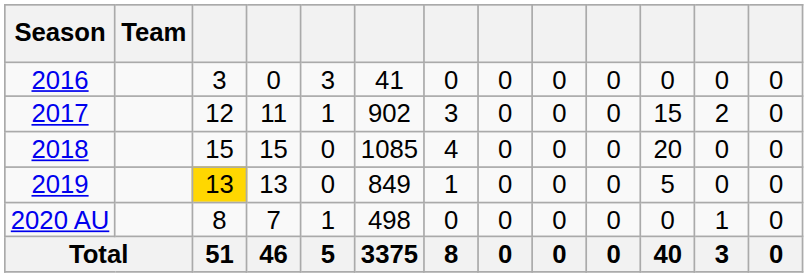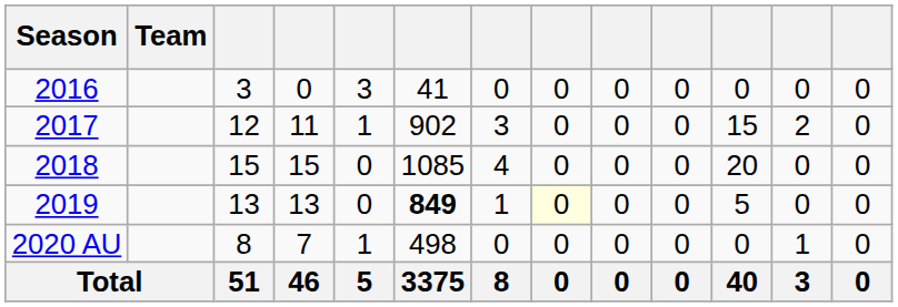 <table class="wikitable" style="text-align:center; line-height:90%; font-size:95%;">
 <tr style="line-height:175%;">
 <th>Season</th>
 <th>Team</th>
 <th style="width:25px;"></th>
 <th style="width:25px;"></th>
 <th style="width:25px;"></th>
 <th style="width:25px;"></th>
 <th style="width:25px;"></th>
 <th style="width:25px;"></th>
 <th style="width:25px;"></th>
 <th style="width:25px;"></th>
 <th style="width:25px;"></th>
 <th style="width:25px;"></th>
 <th style="width:25px;"></th>
 </tr>
 <tr>
 <td><a href='#'>2016</a></td>
 <td></td>
 <td>3</td>
 <td>0</td>
 <td>3</td>
 <td>41</td>
 <td>0</td>
 <td>0</td>
 <td>0</td>
 <td>0</td>
 <td>0</td>
 <td>0</td>
 <td>0</td>
 </tr>
 <tr>
 <td><a href='#'>2017</a></td>
 <td></td>
 <td>12</td>
 <td>11</td>
 <td>1</td>
 <td>902</td>
 <td>3</td>
 <td>0</td>
 <td>0</td>
 <td>0</td>
 <td>15</td>
 <td>2</td>
 <td>0</td>
 </tr>
 <tr>
 <td><a href='#'>2018</a></td>
 <td></td>
 <td>15</td>
 <td>15</td>
 <td>0</td>
 <td>1085</td>
 <td>4</td>
 <td>0</td>
 <td>0</td>
 <td>0</td>
 <td>20</td>
 <td>0</td>
 <td>0</td>
 </tr>
 <tr>
 <td><a href='#'>2019</a></td>
 <td></td>
-<td style="background: gold;">13</td>
+<td>13</td>
 <td>13</td>
 <td>0</td>
-<td>849</td>
+<td><strong>849</strong></td>
 <td>1</td>
-<td>0</td>
+<td style="background: lightyellow;">0</td>
 <td>0</td>
 <td>0</td>
 <td>5</td>
 <td>0</td>
 <td>0</td>
 </tr>
 <tr>
 <td><a href='#'>2020 AU</a></td>
 <td></td>
 <td>8</td>
 <td>7</td>
 <td>1</td>
 <td>498</td>
 <td>0</td>
 <td>0</td>
 <td>0</td>
 <td>0</td>
 <td>0</td>
 <td>1</td>
 <td>0</td>
 </tr>
 <tr>
 <th colspan="2">Total</th>
 <th>51</th>
 <th>46</th>
 <th>5</th>
 <th>3375</th>
 <th>8</th>
 <th>0</th>
 <th>0</th>
 <th>0</th>
 <th>40</th>
 <th>3</th>
 <th>0</th>
 </tr>
 </table>
